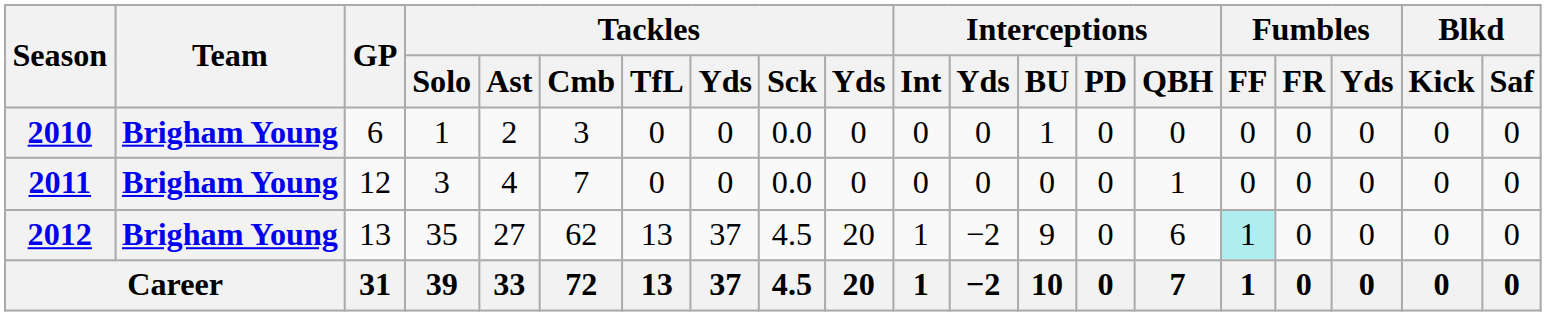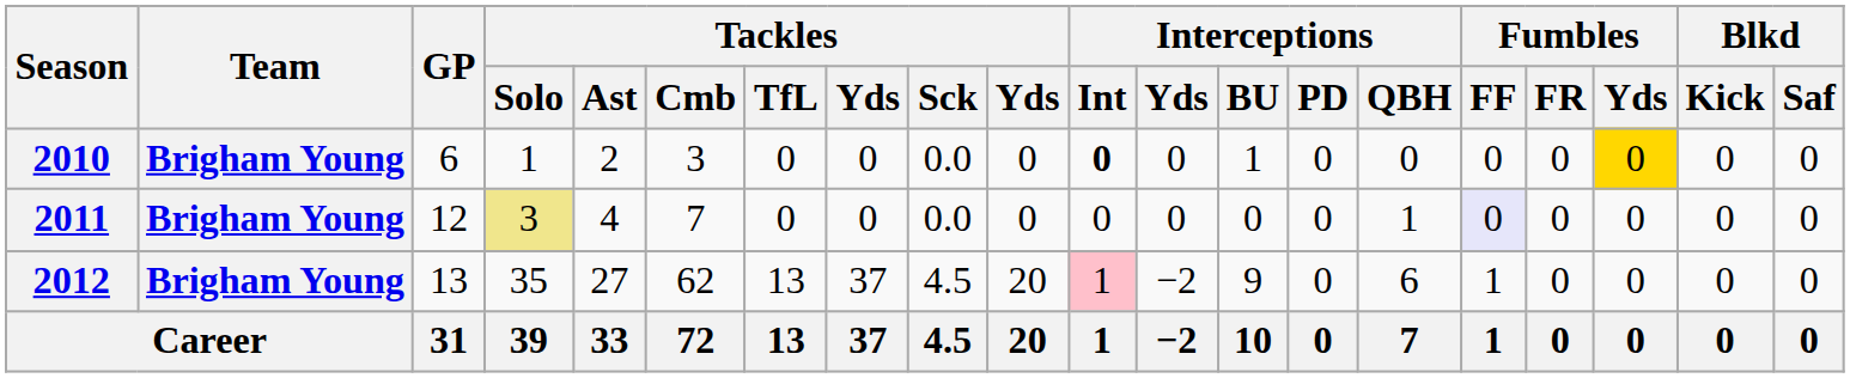 <table class="wikitable" style="text-align:center;">
 <tr>
 <th rowspan="2">Season</th>
 <th rowspan="2">Team</th>
 <th rowspan="2">GP</th>
 <th colspan="7">Tackles</th>
 <th colspan="5">Interceptions</th>
 <th colspan="3">Fumbles</th>
 <th colspan="2">Blkd</th>
 </tr>
 <tr>
 <th>Solo</th>
 <th>Ast</th>
 <th>Cmb</th>
 <th>TfL</th>
 <th>Yds</th>
 <th>Sck</th>
 <th>Yds</th>
 <th>Int</th>
 <th>Yds</th>
 <th>BU</th>
 <th>PD</th>
 <th>QBH</th>
 <th>FF</th>
 <th>FR</th>
 <th>Yds</th>
 <th>Kick</th>
 <th>Saf</th>
 </tr>
 <tr>
 <th><a href='#'>2010</a></th>
 <th><a href='#'>Brigham Young</a></th>
 <td>6</td>
 <td>1</td>
 <td>2</td>
 <td>3</td>
 <td>0</td>
 <td>0</td>
 <td>0.0</td>
 <td>0</td>
-<td>0</td>
+<td><strong>0</strong></td>
 <td>0</td>
 <td>1</td>
 <td>0</td>
 <td>0</td>
 <td>0</td>
 <td>0</td>
-<td>0</td>
+<td style="background: gold;">0</td>
 <td>0</td>
 <td>0</td>
 </tr>
 <tr>
 <th><a href='#'>2011</a></th>
 <th><a href='#'>Brigham Young</a></th>
 <td>12</td>
-<td>3</td>
+<td style="background: khaki;">3</td>
 <td>4</td>
 <td>7</td>
 <td>0</td>
 <td>0</td>
 <td>0.0</td>
 <td>0</td>
 <td>0</td>
 <td>0</td>
 <td>0</td>
 <td>0</td>
 <td>1</td>
-<td>0</td>
+<td style="background: lavender;">0</td>
 <td>0</td>
 <td>0</td>
 <td>0</td>
 <td>0</td>
 </tr>
 <tr>
 <th><a href='#'>2012</a></th>
 <th><a href='#'>Brigham Young</a></th>
 <td>13</td>
 <td>35</td>
 <td>27</td>
 <td>62</td>
 <td>13</td>
 <td>37</td>
 <td>4.5</td>
 <td>20</td>
-<td>1</td>
+<td style="background: pink;">1</td>
 <td>−2</td>
 <td>9</td>
 <td>0</td>
 <td>6</td>
-<td style="background: paleturquoise;">1</td>
+<td>1</td>
 <td>0</td>
 <td>0</td>
 <td>0</td>
 <td>0</td>
 </tr>
 <tr>
 <th colspan="2">Career</th>
 <th>31</th>
 <th>39</th>
 <th>33</th>
 <th>72</th>
 <th>13</th>
 <th>37</th>
 <th>4.5</th>
 <th>20</th>
 <th>1</th>
 <th>−2</th>
 <th>10</th>
 <th>0</th>
 <th>7</th>
 <th>1</th>
 <th>0</th>
 <th>0</th>
 <th>0</th>
 <th>0</th>
 </tr>
 </table>
